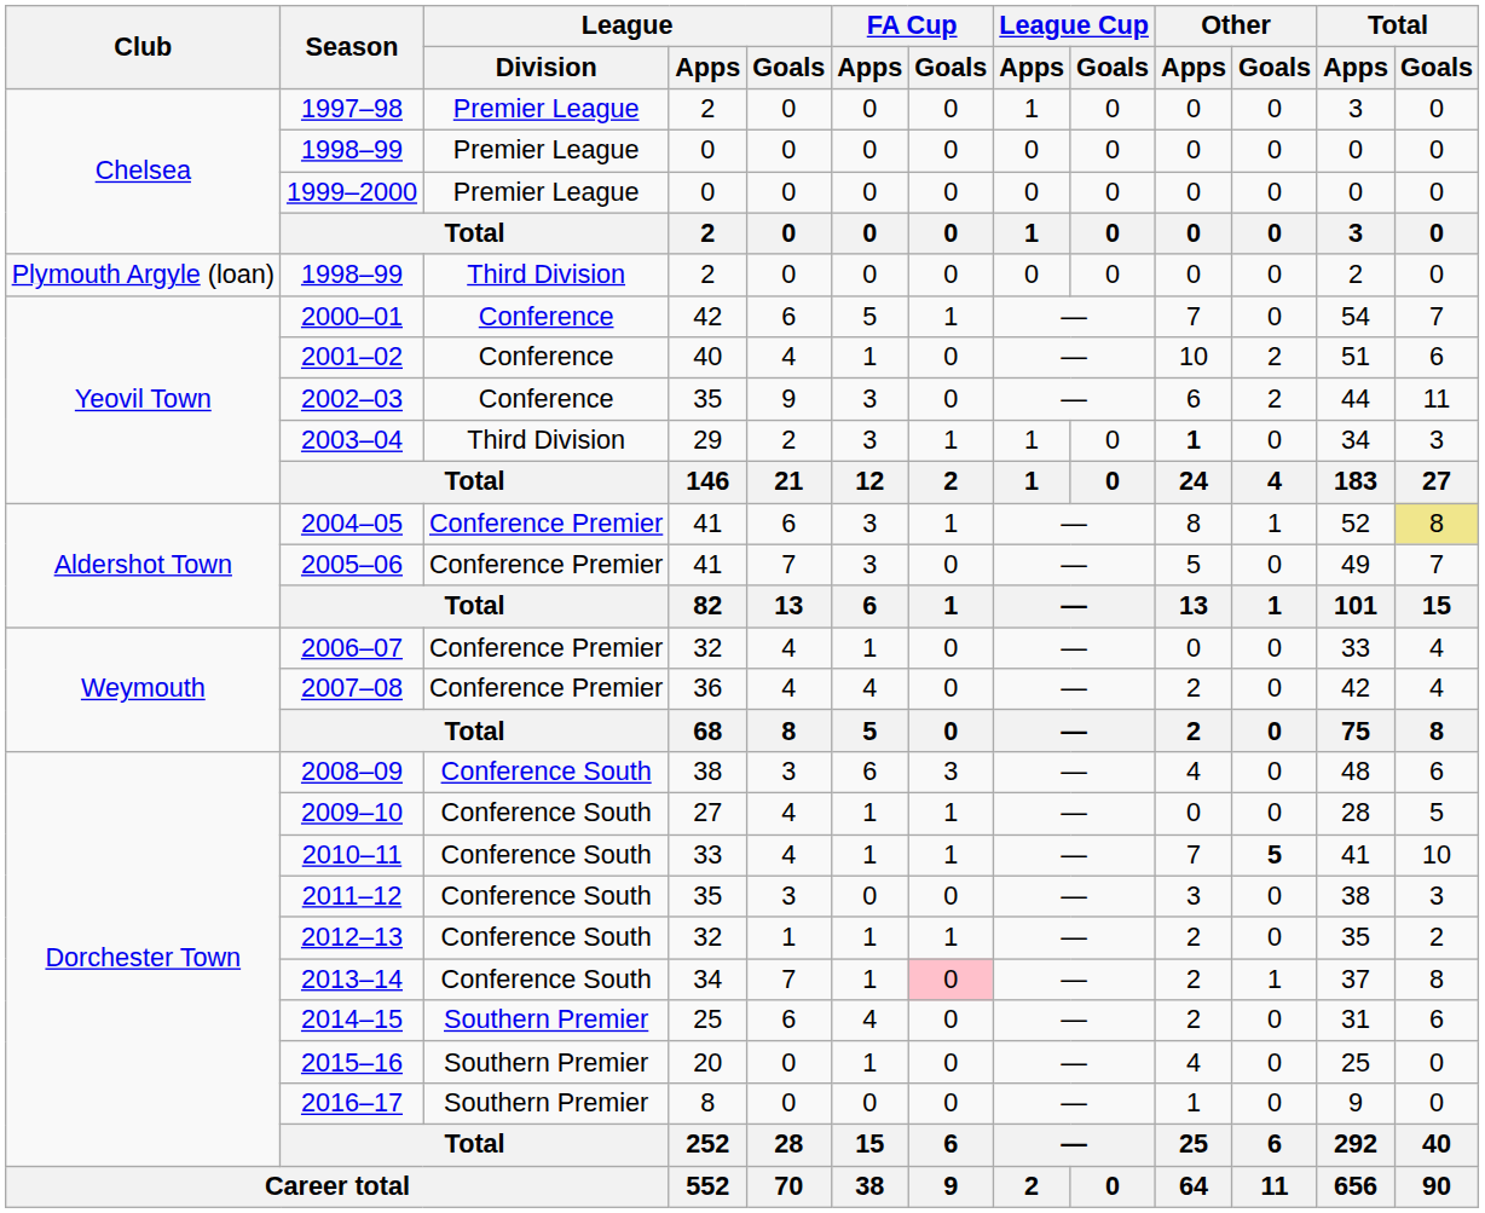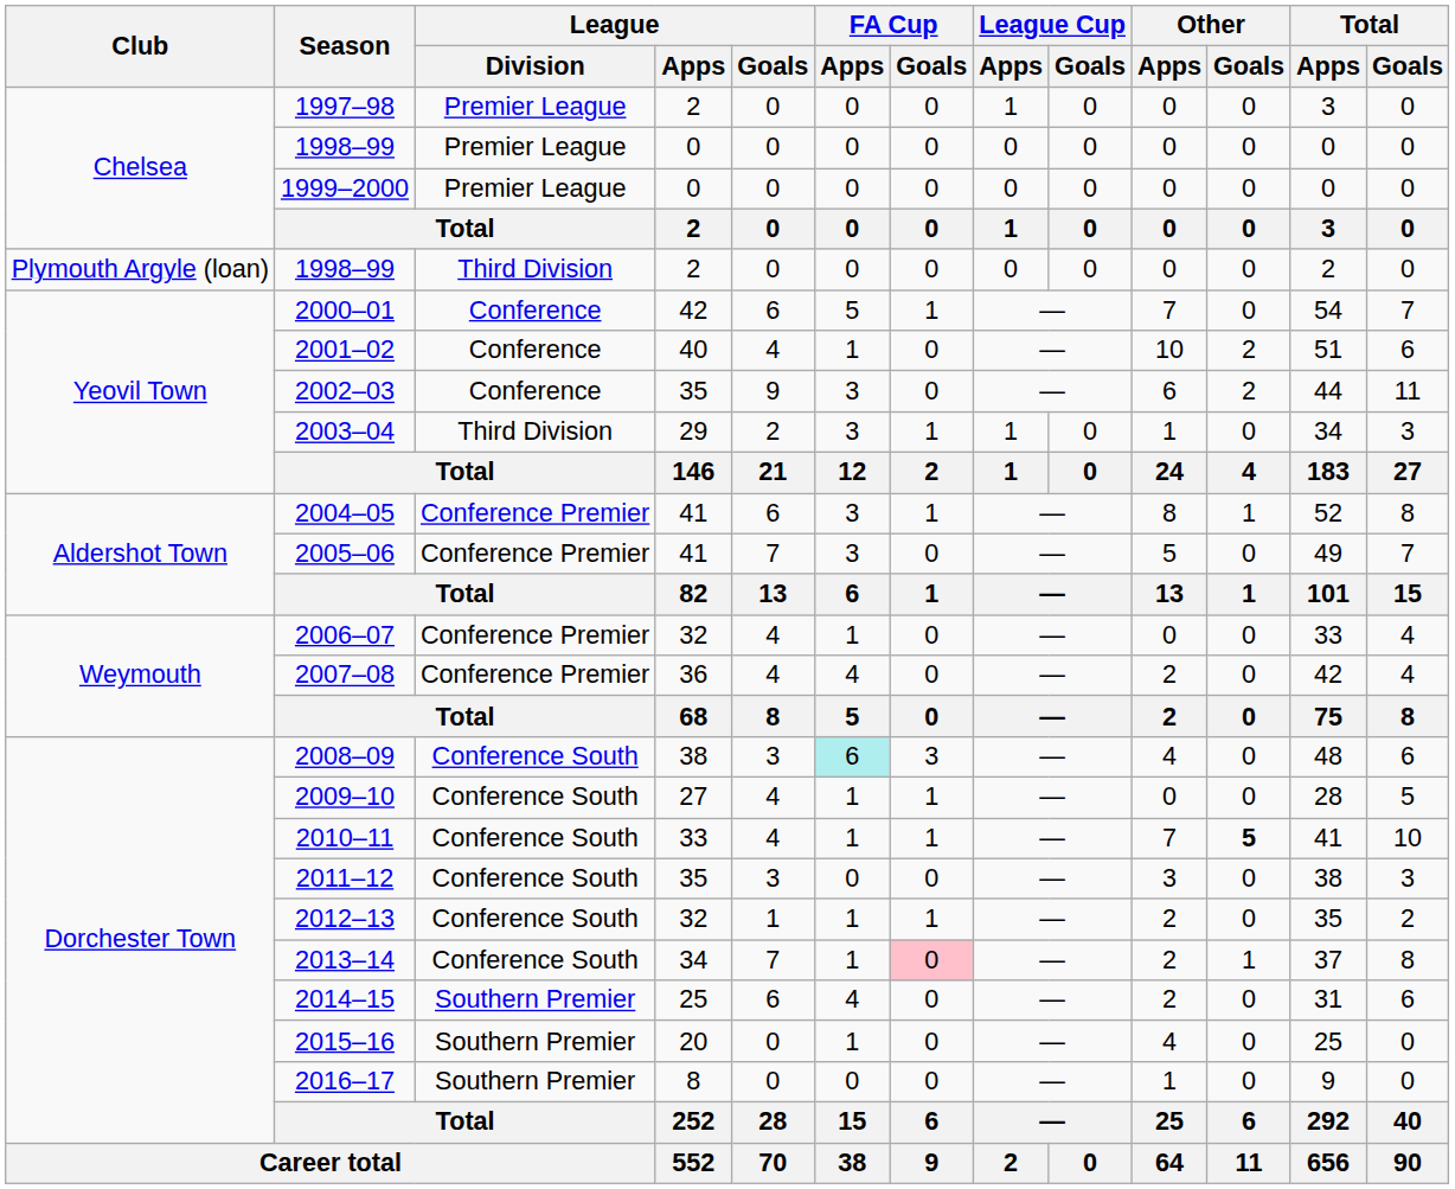 <table class="wikitable" style="text-align:center">
 <tr>
 <th rowspan="2">Club</th>
 <th rowspan="2">Season</th>
 <th colspan="3">League</th>
 <th colspan="2"><a href='#'>FA Cup</a></th>
 <th colspan="2"><a href='#'>League Cup</a></th>
 <th colspan="2">Other</th>
 <th colspan="2">Total</th>
 </tr>
 <tr>
 <th>Division</th>
 <th>Apps</th>
 <th>Goals</th>
 <th>Apps</th>
 <th>Goals</th>
 <th>Apps</th>
 <th>Goals</th>
 <th>Apps</th>
 <th>Goals</th>
 <th>Apps</th>
 <th>Goals</th>
 </tr>
 <tr>
 <td rowspan="4"><a href='#'>Chelsea</a></td>
 <td><a href='#'>1997–98</a></td>
 <td><a href='#'>Premier League</a></td>
 <td>2</td>
 <td>0</td>
 <td>0</td>
 <td>0</td>
 <td>1</td>
 <td>0</td>
 <td>0</td>
 <td>0</td>
 <td>3</td>
 <td>0</td>
 </tr>
 <tr>
 <td><a href='#'>1998–99</a></td>
 <td>Premier League</td>
 <td>0</td>
 <td>0</td>
 <td>0</td>
 <td>0</td>
 <td>0</td>
 <td>0</td>
 <td>0</td>
 <td>0</td>
 <td>0</td>
 <td>0</td>
 </tr>
 <tr>
 <td><a href='#'>1999–2000</a></td>
 <td>Premier League</td>
 <td>0</td>
 <td>0</td>
 <td>0</td>
 <td>0</td>
 <td>0</td>
 <td>0</td>
 <td>0</td>
 <td>0</td>
 <td>0</td>
 <td>0</td>
 </tr>
 <tr>
 <th colspan="2">Total</th>
 <th>2</th>
 <th>0</th>
 <th>0</th>
 <th>0</th>
 <th>1</th>
 <th>0</th>
 <th>0</th>
 <th>0</th>
 <th>3</th>
 <th>0</th>
 </tr>
 <tr>
 <td><a href='#'>Plymouth Argyle</a> (loan)</td>
 <td><a href='#'>1998–99</a></td>
 <td><a href='#'>Third Division</a></td>
 <td>2</td>
 <td>0</td>
 <td>0</td>
 <td>0</td>
 <td>0</td>
 <td>0</td>
 <td>0</td>
 <td>0</td>
 <td>2</td>
 <td>0</td>
 </tr>
 <tr>
 <td rowspan="5"><a href='#'>Yeovil Town</a></td>
 <td><a href='#'>2000–01</a></td>
 <td><a href='#'>Conference</a></td>
 <td>42</td>
 <td>6</td>
 <td>5</td>
 <td>1</td>
 <td colspan="2">—</td>
 <td>7</td>
 <td>0</td>
 <td>54</td>
 <td>7</td>
 </tr>
 <tr>
 <td><a href='#'>2001–02</a></td>
 <td>Conference</td>
 <td>40</td>
 <td>4</td>
 <td>1</td>
 <td>0</td>
 <td colspan="2">—</td>
 <td>10</td>
 <td>2</td>
 <td>51</td>
 <td>6</td>
 </tr>
 <tr>
 <td><a href='#'>2002–03</a></td>
 <td>Conference</td>
 <td>35</td>
 <td>9</td>
 <td>3</td>
 <td>0</td>
 <td colspan="2">—</td>
 <td>6</td>
 <td>2</td>
 <td>44</td>
 <td>11</td>
 </tr>
 <tr>
 <td><a href='#'>2003–04</a></td>
 <td>Third Division</td>
 <td>29</td>
 <td>2</td>
 <td>3</td>
 <td>1</td>
 <td>1</td>
 <td>0</td>
-<td><strong>1</strong></td>
+<td>1</td>
 <td>0</td>
 <td>34</td>
 <td>3</td>
 </tr>
 <tr>
 <th colspan="2">Total</th>
 <th>146</th>
 <th>21</th>
 <th>12</th>
 <th>2</th>
 <th>1</th>
 <th>0</th>
 <th>24</th>
 <th>4</th>
 <th>183</th>
 <th>27</th>
 </tr>
 <tr>
 <td rowspan="3"><a href='#'>Aldershot Town</a></td>
 <td><a href='#'>2004–05</a></td>
 <td><a href='#'>Conference Premier</a></td>
 <td>41</td>
 <td>6</td>
 <td>3</td>
 <td>1</td>
 <td colspan="2">—</td>
 <td>8</td>
 <td>1</td>
 <td>52</td>
-<td style="background: khaki;">8</td>
+<td>8</td>
 </tr>
 <tr>
 <td><a href='#'>2005–06</a></td>
 <td>Conference Premier</td>
 <td>41</td>
 <td>7</td>
 <td>3</td>
 <td>0</td>
 <td colspan="2">—</td>
 <td>5</td>
 <td>0</td>
 <td>49</td>
 <td>7</td>
 </tr>
 <tr>
 <th colspan="2">Total</th>
 <th>82</th>
 <th>13</th>
 <th>6</th>
 <th>1</th>
 <th colspan="2">—</th>
 <th>13</th>
 <th>1</th>
 <th>101</th>
 <th>15</th>
 </tr>
 <tr>
 <td rowspan="3"><a href='#'>Weymouth</a></td>
 <td><a href='#'>2006–07</a></td>
 <td>Conference Premier</td>
 <td>32</td>
 <td>4</td>
 <td>1</td>
 <td>0</td>
 <td colspan="2">—</td>
 <td>0</td>
 <td>0</td>
 <td>33</td>
 <td>4</td>
 </tr>
 <tr>
 <td><a href='#'>2007–08</a></td>
 <td>Conference Premier</td>
 <td>36</td>
 <td>4</td>
 <td>4</td>
 <td>0</td>
 <td colspan="2">—</td>
 <td>2</td>
 <td>0</td>
 <td>42</td>
 <td>4</td>
 </tr>
 <tr>
 <th colspan="2">Total</th>
 <th>68</th>
 <th>8</th>
 <th>5</th>
 <th>0</th>
 <th colspan="2">—</th>
 <th>2</th>
 <th>0</th>
 <th>75</th>
 <th>8</th>
 </tr>
 <tr>
 <td rowspan="10"><a href='#'>Dorchester Town</a></td>
 <td><a href='#'>2008–09</a></td>
 <td><a href='#'>Conference South</a></td>
 <td>38</td>
 <td>3</td>
-<td>6</td>
+<td style="background: paleturquoise;">6</td>
 <td>3</td>
 <td colspan="2">—</td>
 <td>4</td>
 <td>0</td>
 <td>48</td>
 <td>6</td>
 </tr>
 <tr>
 <td><a href='#'>2009–10</a></td>
 <td>Conference South</td>
 <td>27</td>
 <td>4</td>
 <td>1</td>
 <td>1</td>
 <td colspan="2">—</td>
 <td>0</td>
 <td>0</td>
 <td>28</td>
 <td>5</td>
 </tr>
 <tr>
 <td><a href='#'>2010–11</a></td>
 <td>Conference South</td>
 <td>33</td>
 <td>4</td>
 <td>1</td>
 <td>1</td>
 <td colspan="2">—</td>
 <td>7</td>
 <td><strong>5</strong></td>
 <td>41</td>
 <td>10</td>
 </tr>
 <tr>
 <td><a href='#'>2011–12</a></td>
 <td>Conference South</td>
 <td>35</td>
 <td>3</td>
 <td>0</td>
 <td>0</td>
 <td colspan="2">—</td>
 <td>3</td>
 <td>0</td>
 <td>38</td>
 <td>3</td>
 </tr>
 <tr>
 <td><a href='#'>2012–13</a></td>
 <td>Conference South</td>
 <td>32</td>
 <td>1</td>
 <td>1</td>
 <td>1</td>
 <td colspan="2">—</td>
 <td>2</td>
 <td>0</td>
 <td>35</td>
 <td>2</td>
 </tr>
 <tr>
 <td><a href='#'>2013–14</a></td>
 <td>Conference South</td>
 <td>34</td>
 <td>7</td>
 <td>1</td>
 <td style="background: pink;">0</td>
 <td colspan="2">—</td>
 <td>2</td>
 <td>1</td>
 <td>37</td>
 <td>8</td>
 </tr>
 <tr>
 <td><a href='#'>2014–15</a></td>
 <td><a href='#'>Southern Premier</a></td>
 <td>25</td>
 <td>6</td>
 <td>4</td>
 <td>0</td>
 <td colspan="2">—</td>
 <td>2</td>
 <td>0</td>
 <td>31</td>
 <td>6</td>
 </tr>
 <tr>
 <td><a href='#'>2015–16</a></td>
 <td>Southern Premier</td>
 <td>20</td>
 <td>0</td>
 <td>1</td>
 <td>0</td>
 <td colspan="2">—</td>
 <td>4</td>
 <td>0</td>
 <td>25</td>
 <td>0</td>
 </tr>
 <tr>
 <td><a href='#'>2016–17</a></td>
 <td>Southern Premier</td>
 <td>8</td>
 <td>0</td>
 <td>0</td>
 <td>0</td>
 <td colspan="2">—</td>
 <td>1</td>
 <td>0</td>
 <td>9</td>
 <td>0</td>
 </tr>
 <tr>
 <th colspan="2">Total</th>
 <th>252</th>
 <th>28</th>
 <th>15</th>
 <th>6</th>
 <th colspan="2">—</th>
 <th>25</th>
 <th>6</th>
 <th>292</th>
 <th>40</th>
 </tr>
 <tr>
 <th colspan="3">Career total</th>
 <th>552</th>
 <th>70</th>
 <th>38</th>
 <th>9</th>
 <th>2</th>
 <th>0</th>
 <th>64</th>
 <th>11</th>
 <th>656</th>
 <th>90</th>
 </tr>
 </table>
